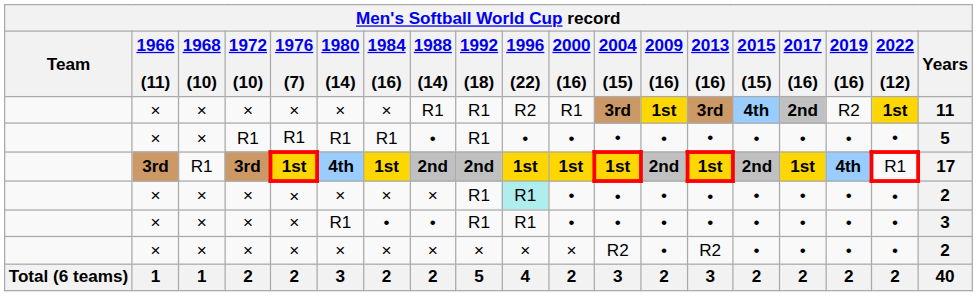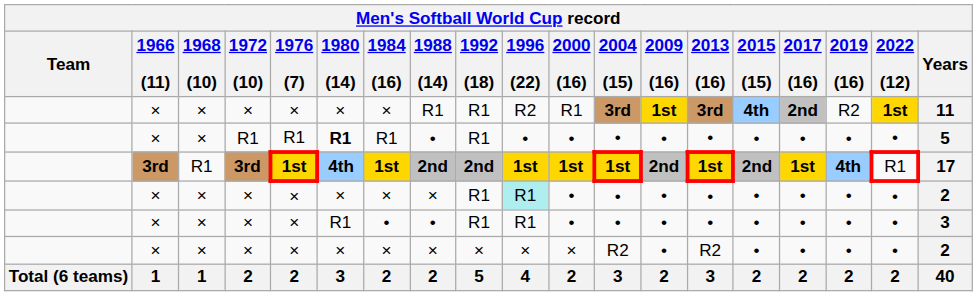 <table class="wikitable" style="text-align:center; font-size:85%;">
 <tr>
 <th colspan=32><a href='#'>Men's Softball World Cup</a> record</th>
 </tr>
 <tr>
 <th>Team</th>
 <th><a href='#'>1966</a><br><br>(11)</th>
 <th><a href='#'>1968</a><br><br>(10)</th>
 <th><a href='#'>1972</a><br><br>(10)</th>
 <th><a href='#'>1976</a><br><br>(7)</th>
 <th><a href='#'>1980</a><br><br>(14)</th>
 <th><a href='#'>1984</a><br><br>(16)</th>
 <th><a href='#'>1988</a><br><br>(14)</th>
 <th><a href='#'>1992</a><br><br>(18)</th>
 <th><a href='#'>1996</a><br><br>(22)</th>
 <th><a href='#'>2000</a><br><br>(16)</th>
 <th><a href='#'>2004</a><br><br>(15)</th>
 <th><a href='#'>2009</a><br><br>(16)</th>
 <th><a href='#'>2013</a><br><br>(16)</th>
 <th><a href='#'>2015</a><br><br>(15)</th>
 <th><a href='#'>2017</a><br><br>(16)</th>
 <th><a href='#'>2019</a><br><br>(16)</th>
 <th><a href='#'>2022</a><br><br>(12)</th>
 <th>Years</th>
 </tr>
 <tr>
 <td align=left></td>
 <td>×</td>
 <td>×</td>
 <td>×</td>
 <td>×</td>
 <td>×</td>
 <td>×</td>
 <td>R1<br></td>
 <td>R1<br></td>
 <td>R2<br></td>
 <td>R1<br></td>
 <td style="background:#c96;"><strong>3rd</strong></td>
 <td style="background:Gold"><strong>1st</strong></td>
 <td style="background:#c96;"><strong>3rd</strong></td>
 <td style="background:#9acdff"><strong>4th</strong></td>
 <td style="background:Silver;"><strong>2nd</strong></td>
 <td>R2<br></td>
 <td style="background:Gold"><strong>1st</strong></td>
 <th>11</th>
 </tr>
 <tr>
 <td align=left></td>
 <td>×</td>
 <td>×</td>
 <td>R1<br></td>
 <td>R1<br></td>
-<td>R1<br></td>
+<td><strong>R1<br></strong></td>
 <td>R1<br></td>
 <td>•</td>
 <td>R1<br></td>
 <td>•</td>
 <td>•</td>
 <td>•</td>
 <td>•</td>
 <td>•</td>
 <td>•</td>
 <td>•</td>
 <td>•</td>
 <td>•</td>
 <th>5</th>
 </tr>
 <tr>
 <td align=left></td>
 <td style="background:#c96;"><strong>3rd</strong></td>
 <td>R1<br></td>
 <td style="background:#c96;"><strong>3rd</strong></td>
 <td style="background:Gold; border: 3px solid red"><strong>1st</strong></td>
 <td style="background:#9acdff"><strong>4th</strong></td>
 <td style="background:Gold"><strong>1st</strong></td>
 <td style="background:Silver;"><strong>2nd</strong></td>
 <td style="background:Silver;"><strong>2nd</strong></td>
 <td style="background:Gold"><strong>1st</strong></td>
 <td style="background:Gold"><strong>1st</strong></td>
 <td style="background:Gold; border: 3px solid red"><strong>1st</strong></td>
 <td style="background:Silver;"><strong>2nd</strong></td>
 <td style="background:Gold; border: 3px solid red"><strong>1st</strong></td>
 <td style="background:Silver;"><strong>2nd</strong></td>
 <td style="background:Gold"><strong>1st</strong></td>
 <td style="background:#9acdff"><strong>4th</strong></td>
 <td style="border: 3px solid red">R1<br></td>
 <th>17</th>
 </tr>
 <tr>
 <td align=left></td>
 <td>×</td>
 <td>×</td>
 <td>×</td>
 <td>×</td>
 <td>×</td>
 <td>×</td>
 <td>×</td>
 <td>R1<br></td>
 <td style="background: paleturquoise;">R1<br></td>
 <td>•</td>
 <td>•</td>
 <td>•</td>
 <td>•</td>
 <td>•</td>
 <td>•</td>
 <td>•</td>
 <td>•</td>
 <th>2</th>
 </tr>
 <tr>
 <td align=left></td>
 <td>×</td>
 <td>×</td>
 <td>×</td>
 <td>×</td>
 <td>R1<br></td>
 <td>•</td>
 <td>•</td>
 <td>R1<br></td>
 <td>R1<br></td>
 <td>•</td>
 <td>•</td>
 <td>•</td>
 <td>•</td>
 <td>•</td>
 <td>•</td>
 <td>•</td>
 <td>•</td>
 <th>3</th>
 </tr>
 <tr>
 <td align=left></td>
 <td>×</td>
 <td>×</td>
 <td>×</td>
 <td>×</td>
 <td>×</td>
 <td>×</td>
 <td>×</td>
 <td>×</td>
 <td>×</td>
 <td>×</td>
 <td>R2<br></td>
 <td>•</td>
 <td>R2<br></td>
 <td>•</td>
 <td>•</td>
 <td>•</td>
 <td>•</td>
 <th>2</th>
 </tr>
 <tr>
 <th>Total (6 teams)</th>
 <th>1</th>
 <th>1</th>
 <th>2</th>
 <th>2</th>
 <th>3</th>
 <th>2</th>
 <th>2</th>
 <th>5</th>
 <th>4</th>
 <th>2</th>
 <th>3</th>
 <th>2</th>
 <th>3</th>
 <th>2</th>
 <th>2</th>
 <th>2</th>
 <th>2</th>
 <th>40</th>
 </tr>
 </table>
